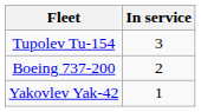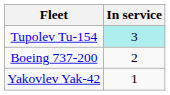 <table class="wikitable" style="text-align:center;">
 <tr>
 <th>Fleet</th>
 <th>In service</th>
 </tr>
 <tr>
 <td><a href='#'>Tupolev Tu-154</a></td>
-<td>3</td>
+<td style="background: paleturquoise;">3</td>
 </tr>
 <tr>
 <td><a href='#'>Boeing 737-200</a></td>
 <td>2</td>
 </tr>
 <tr>
 <td><a href='#'>Yakovlev Yak-42</a></td>
 <td>1</td>
 </tr>
 </table>
